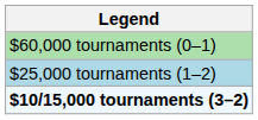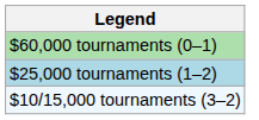 <table class=wikitable style=font-size:85%>
 <tr>
 <th>Legend</th>
 </tr>
 <tr style="background:#addfad;">
 <td>$60,000 tournaments (0–1)</td>
 </tr>
 <tr style="background:lightblue;">
 <td>$25,000 tournaments (1–2)</td>
 </tr>
 <tr style="background:#f0f8ff;">
-<td><strong>$10/15,000 tournaments (3–2)</strong></td>
+<td>$10/15,000 tournaments (3–2)</td>
 </tr>
 </table>
